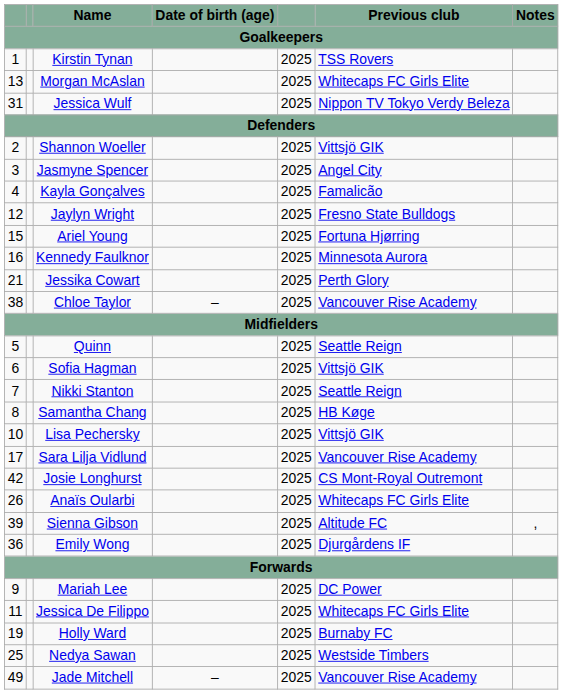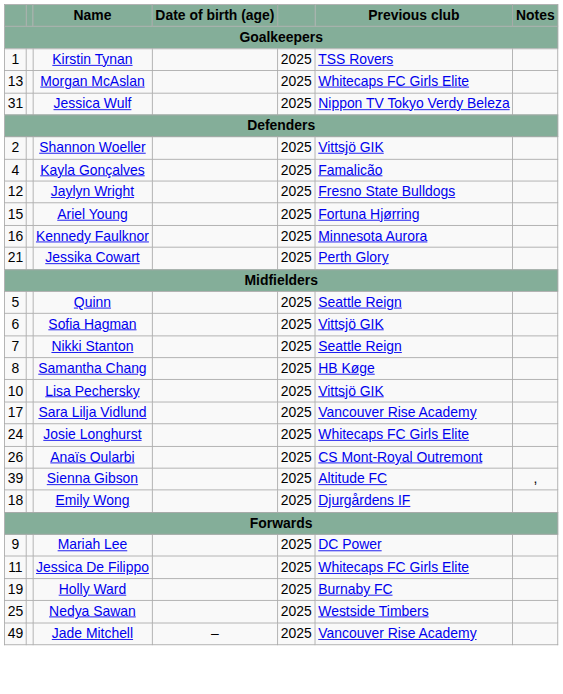 <table class="wikitable" style="text-align:center;">
 <tr>
 <th style="background:#84ae99; "></th>
 <th style="background:#84ae99; "></th>
 <th style="background:#84ae99; ">Name</th>
 <th style="background:#84ae99; ">Date of birth (age)</th>
 <th style="background:#84ae99; "></th>
 <th style="background:#84ae99; ">Previous club</th>
 <th style="background:#84ae99; ">Notes</th>
 </tr>
 <tr>
 <th colspan="7" style="background:#84ae99; ">Goalkeepers</th>
 </tr>
 <tr>
 <td>1</td>
 <td></td>
 <td><a href='#'>Kirstin Tynan</a></td>
 <td></td>
 <td>2025</td>
 <td align="left"> <a href='#'>TSS Rovers</a></td>
 <td></td>
 </tr>
 <tr>
 <td>13</td>
 <td></td>
 <td><a href='#'>Morgan McAslan</a></td>
 <td></td>
 <td>2025</td>
 <td align="left"> <a href='#'>Whitecaps FC Girls Elite</a></td>
 <td></td>
 </tr>
 <tr>
 <td>31</td>
 <td></td>
 <td><a href='#'>Jessica Wulf</a></td>
 <td></td>
 <td>2025</td>
 <td align="left"> <a href='#'>Nippon TV Tokyo Verdy Beleza</a></td>
 <td></td>
 </tr>
 <tr>
 <th colspan="7" style="background:#84ae99; ">Defenders</th>
 </tr>
 <tr>
 <td>2</td>
 <td></td>
 <td><a href='#'>Shannon Woeller</a></td>
 <td></td>
 <td>2025</td>
 <td align="left"> <a href='#'>Vittsjö GIK</a></td>
 <td></td>
 </tr>
 <tr>
-<td>3</td>
-<td></td>
-<td><a href='#'>Jasmyne Spencer</a></td>
-<td></td>
-<td>2025</td>
-<td align="left"> <a href='#'>Angel City</a></td>
-<td></td>
-</tr>
-<tr>
 <td>4</td>
 <td></td>
 <td><a href='#'>Kayla Gonçalves</a></td>
 <td></td>
 <td>2025</td>
 <td align="left"> <a href='#'>Famalicão</a></td>
 <td></td>
 </tr>
 <tr>
 <td>12</td>
 <td></td>
 <td><a href='#'>Jaylyn Wright</a></td>
 <td></td>
 <td>2025</td>
 <td align="left"> <a href='#'>Fresno State Bulldogs</a></td>
 <td></td>
 </tr>
 <tr>
 <td>15</td>
 <td></td>
 <td><a href='#'>Ariel Young</a></td>
 <td></td>
 <td>2025</td>
 <td align="left"> <a href='#'>Fortuna Hjørring</a></td>
 <td></td>
 </tr>
 <tr>
 <td>16</td>
 <td></td>
 <td><a href='#'>Kennedy Faulknor</a></td>
 <td></td>
 <td>2025</td>
 <td align="left"> <a href='#'>Minnesota Aurora</a></td>
 <td></td>
 </tr>
 <tr>
 <td>21</td>
 <td></td>
 <td><a href='#'>Jessika Cowart</a></td>
 <td></td>
 <td>2025</td>
 <td align="left"> <a href='#'>Perth Glory</a></td>
-<td></td>
-</tr>
-<tr>
-<td>38</td>
-<td></td>
-<td><a href='#'>Chloe Taylor</a></td>
-<td>–</td>
-<td>2025</td>
-<td align="left"> <a href='#'>Vancouver Rise Academy</a></td>
 <td></td>
 </tr>
 <tr>
 <th colspan="7" style="background:#84ae99; ">Midfielders</th>
 </tr>
 <tr>
 <td>5</td>
 <td></td>
 <td><a href='#'>Quinn</a></td>
 <td></td>
 <td>2025</td>
 <td align="left"> <a href='#'>Seattle Reign</a></td>
 <td></td>
 </tr>
 <tr>
 <td>6</td>
 <td></td>
 <td><a href='#'>Sofia Hagman</a></td>
 <td></td>
 <td>2025</td>
 <td align="left"> <a href='#'>Vittsjö GIK</a></td>
 <td></td>
 </tr>
 <tr>
 <td>7</td>
 <td></td>
 <td><a href='#'>Nikki Stanton</a></td>
 <td></td>
 <td>2025</td>
 <td align="left"> <a href='#'>Seattle Reign</a></td>
 <td></td>
 </tr>
 <tr>
 <td>8</td>
 <td></td>
 <td><a href='#'>Samantha Chang</a></td>
 <td></td>
 <td>2025</td>
 <td align="left"> <a href='#'>HB Køge</a></td>
 <td></td>
 </tr>
 <tr>
 <td>10</td>
 <td></td>
 <td><a href='#'>Lisa Pechersky</a></td>
 <td></td>
 <td>2025</td>
 <td align="left"> <a href='#'>Vittsjö GIK</a></td>
 <td></td>
 </tr>
 <tr>
 <td>17</td>
 <td></td>
 <td><a href='#'>Sara Lilja Vidlund</a></td>
 <td></td>
 <td>2025</td>
 <td align="left"> <a href='#'>Vancouver Rise Academy</a></td>
 <td></td>
 </tr>
 <tr>
-<td>42</td>
+<td>24</td>
 <td></td>
 <td><a href='#'>Josie Longhurst</a></td>
 <td></td>
 <td>2025</td>
-<td align="left"> <a href='#'>CS Mont-Royal Outremont</a></td>
+<td align="left"> <a href='#'>Whitecaps FC Girls Elite</a></td>
 <td></td>
 </tr>
 <tr>
 <td>26</td>
 <td></td>
 <td><a href='#'>Anaïs Oularbi</a></td>
 <td></td>
 <td>2025</td>
-<td align="left"> <a href='#'>Whitecaps FC Girls Elite</a></td>
+<td align="left"> <a href='#'>CS Mont-Royal Outremont</a></td>
 <td></td>
 </tr>
 <tr>
 <td>39</td>
 <td></td>
 <td><a href='#'>Sienna Gibson</a></td>
 <td></td>
 <td>2025</td>
 <td align="left"> <a href='#'>Altitude FC</a></td>
 <td>, </td>
 </tr>
 <tr>
-<td>36</td>
+<td>18</td>
 <td></td>
 <td><a href='#'>Emily Wong</a></td>
 <td></td>
 <td>2025</td>
 <td align="left"> <a href='#'>Djurgårdens IF</a></td>
 <td></td>
 </tr>
 <tr>
 <th colspan="7" style="background:#84ae99; ">Forwards</th>
 </tr>
 <tr>
 <td>9</td>
 <td></td>
 <td><a href='#'>Mariah Lee</a></td>
 <td></td>
 <td>2025</td>
 <td align="left"> <a href='#'>DC Power</a></td>
 <td></td>
 </tr>
 <tr>
 <td>11</td>
 <td></td>
 <td><a href='#'>Jessica De Filippo</a></td>
 <td></td>
 <td>2025</td>
 <td align="left"> <a href='#'>Whitecaps FC Girls Elite</a></td>
 <td></td>
 </tr>
 <tr>
 <td>19</td>
 <td></td>
 <td><a href='#'>Holly Ward</a></td>
 <td></td>
 <td>2025</td>
 <td align="left"> <a href='#'>Burnaby FC</a></td>
 <td></td>
 </tr>
 <tr>
 <td>25</td>
 <td></td>
 <td><a href='#'>Nedya Sawan</a></td>
 <td></td>
 <td>2025</td>
 <td align="left"> <a href='#'>Westside Timbers</a></td>
 <td></td>
 </tr>
 <tr>
 <td>49</td>
 <td></td>
 <td><a href='#'>Jade Mitchell</a></td>
 <td>–</td>
 <td>2025</td>
 <td align="left"> <a href='#'>Vancouver Rise Academy</a></td>
 <td></td>
 </tr>
 </table>
